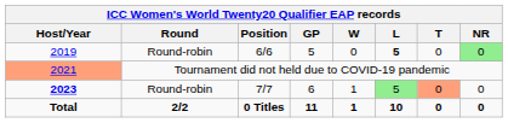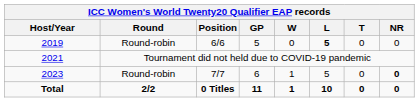 <table class="wikitable" style="text-align: center;">
 <tr>
 <th colspan=8><a href='#'>ICC Women's World Twenty20 Qualifier EAP</a> records</th>
 </tr>
 <tr>
 <th width=150>Host/Year</th>
 <th width=150>Round</th>
 <th width=50>Position</th>
 <th width=50>GP</th>
 <th width=50>W</th>
 <th width=50>L</th>
 <th width=50>T</th>
 <th width=50>NR</th>
 </tr>
 <tr>
 <td> <a href='#'>2019</a></td>
 <td>Round-robin</td>
 <td>6/6</td>
 <td>5</td>
 <td>0</td>
 <td><strong>5</strong></td>
 <td>0</td>
-<td style="background: lightgreen;">0</td>
+<td>0</td>
 </tr>
 <tr>
-<td style="background: lightsalmon;"> <a href='#'>2021</a></td>
+<td> <a href='#'>2021</a></td>
 <td colspan=8>Tournament did not held due to COVID-19 pandemic</td>
 </tr>
 <tr>
-<td><strong> <a href='#'>2023</a></strong></td>
+<td> <a href='#'>2023</a></td>
 <td>Round-robin</td>
 <td>7/7</td>
 <td>6</td>
 <td>1</td>
-<td style="background: lightgreen;">5</td>
-<td style="background: lightsalmon;">0</td>
+<td>5</td>
 <td>0</td>
+<td><strong>0</strong></td>
 </tr>
 <tr>
 <td><strong>Total</strong></td>
 <td><strong>2/2</strong></td>
 <td><strong>0 Titles</strong></td>
 <td><strong>11</strong></td>
 <td><strong>1</strong></td>
 <td><strong>10</strong></td>
 <td><strong>0</strong></td>
 <td><strong>0</strong></td>
 </tr>
 </table>
